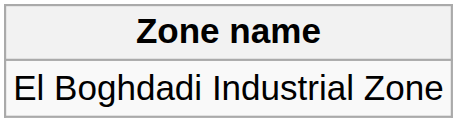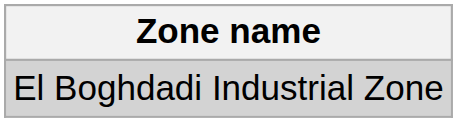 <table class="wikitable">
 <tr>
 <th>Zone name</th>
 </tr>
 <tr>
-<td rowspan="1">El Boghdadi Industrial Zone</td>
+<td rowspan="1" style="background: lightgrey;">El Boghdadi Industrial Zone</td>
 </tr>
 </table>
